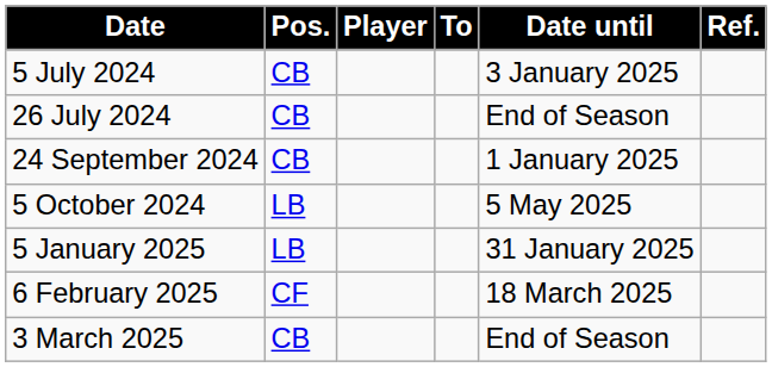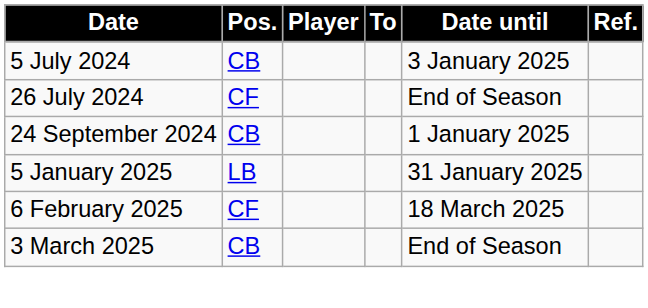 <table class="wikitable plainrowheaders sortable">
 <tr>
 <th style="background:black; color:white; ">Date</th>
 <th style="background:black; color:white; ">Pos.</th>
 <th style="background:black; color:white; ">Player</th>
 <th style="background:black; color:white; ">To</th>
 <th style="background:black; color:white; ">Date until</th>
 <th style="background:black; color:white; ">Ref.</th>
 </tr>
 <tr>
 <td>5 July 2024</td>
 <td><a href='#'>CB</a></td>
 <td></td>
 <td></td>
 <td>3 January 2025</td>
 <td></td>
 </tr>
 <tr>
 <td>26 July 2024</td>
-<td><a href='#'>CB</a></td>
+<td><a href='#'>CF</a></td>
 <td></td>
 <td></td>
 <td>End of Season</td>
 <td></td>
 </tr>
 <tr>
 <td>24 September 2024</td>
 <td><a href='#'>CB</a></td>
 <td></td>
 <td></td>
 <td>1 January 2025</td>
-<td></td>
-</tr>
-<tr>
-<td>5 October 2024</td>
-<td><a href='#'>LB</a></td>
-<td></td>
-<td></td>
-<td>5 May 2025</td>
 <td></td>
 </tr>
 <tr>
 <td>5 January 2025</td>
 <td><a href='#'>LB</a></td>
 <td></td>
 <td></td>
 <td>31 January 2025</td>
 <td></td>
 </tr>
 <tr>
 <td>6 February 2025</td>
 <td><a href='#'>CF</a></td>
 <td></td>
 <td></td>
 <td>18 March 2025</td>
 <td></td>
 </tr>
 <tr>
 <td>3 March 2025</td>
 <td><a href='#'>CB</a></td>
 <td></td>
 <td></td>
 <td>End of Season</td>
 <td></td>
 </tr>
 </table>
